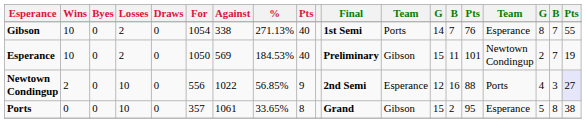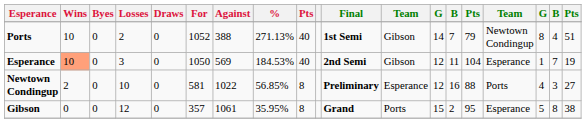 <table style="font-size: 85%; text-align: left;" class="wikitable">
 <tr>
 <th style="color:crimson">Esperance</th>
 <th style="color:crimson">Wins</th>
 <th style="color:crimson">Byes</th>
 <th style="color:crimson">Losses</th>
 <th style="color:crimson">Draws</th>
 <th style="color:crimson">For</th>
 <th style="color:crimson">Against</th>
 <th style="color:crimson">%</th>
 <th style="color:crimson">Pts</th>
 <th></th>
 <th style="color:green">Final</th>
 <th style="color:green">Team</th>
 <th style="color:green">G</th>
 <th style="color:green">B</th>
 <th style="color:green">Pts</th>
 <th style="color:green">Team</th>
 <th style="color:green">G</th>
 <th style="color:green">B</th>
 <th style="color:green">Pts</th>
 </tr>
 <tr>
 </tr>
 <tr>
 </tr>
 <tr>
-<td><strong>	Gibson	</strong></td>
+<td><strong>	Ports	</strong></td>
 <td>10</td>
 <td>0</td>
 <td>2</td>
 <td>0</td>
-<td>1054</td>
-<td>338</td>
+<td>1052</td>
+<td>388</td>
 <td>271.13%</td>
 <td>40</td>
 <td></td>
 <td><strong>1st Semi</strong></td>
-<td>Ports</td>
+<td>Gibson</td>
 <td>14</td>
 <td>7</td>
-<td>76</td>
-<td>Esperance</td>
+<td>79</td>
+<td>Newtown Condingup</td>
 <td>8</td>
-<td>7</td>
-<td>55</td>
+<td>4</td>
+<td>51</td>
 </tr>
 <tr>
 <td><strong>	Esperance	</strong></td>
-<td>10</td>
+<td style="background: lightsalmon;">10</td>
 <td>0</td>
-<td>2</td>
+<td>3</td>
 <td>0</td>
 <td>1050</td>
 <td>569</td>
 <td>184.53%</td>
 <td>40</td>
 <td></td>
-<td><strong>Preliminary</strong></td>
+<td><strong>2nd Semi</strong></td>
 <td>Gibson</td>
-<td>15</td>
+<td>12</td>
 <td>11</td>
-<td>101</td>
-<td>Newtown Condingup</td>
-<td>2</td>
+<td>104</td>
+<td>Esperance</td>
+<td>1</td>
 <td>7</td>
 <td>19</td>
 </tr>
 <tr ||>
 <td><strong>	Newtown Condingup	</strong></td>
 <td>2</td>
 <td>0</td>
 <td>10</td>
 <td>0</td>
-<td>556</td>
+<td>581</td>
 <td>1022</td>
 <td>56.85%</td>
-<td>9</td>
+<td>8</td>
 <td></td>
-<td><strong>2nd Semi</strong></td>
+<td><strong>Preliminary</strong></td>
 <td>Esperance</td>
 <td>12</td>
 <td>16</td>
 <td>88</td>
 <td>Ports</td>
 <td>4</td>
 <td>3</td>
-<td style="background: lavender;">27</td>
+<td>27</td>
 </tr>
 <tr>
-<td><strong>	Ports	</strong></td>
+<td><strong>	Gibson	</strong></td>
 <td>0</td>
 <td>0</td>
-<td>10</td>
+<td>12</td>
 <td>0</td>
 <td>357</td>
 <td>1061</td>
-<td>33.65%</td>
+<td>35.95%</td>
 <td>8</td>
 <td></td>
 <td><strong>Grand</strong></td>
-<td>Gibson</td>
+<td>Ports</td>
 <td>15</td>
 <td>2</td>
 <td>95</td>
 <td>Esperance</td>
 <td>5</td>
 <td>8</td>
 <td>38</td>
 </tr>
 <tr>
 </tr>
 </table>
